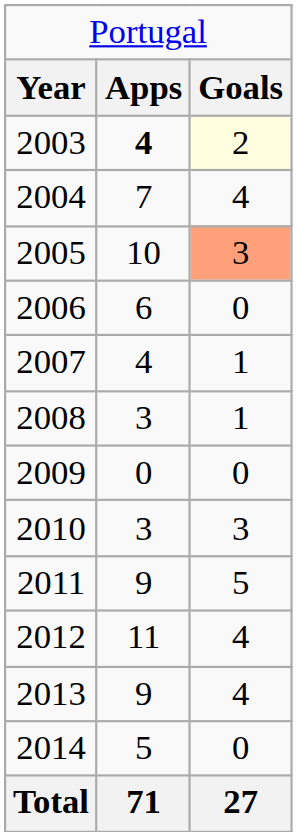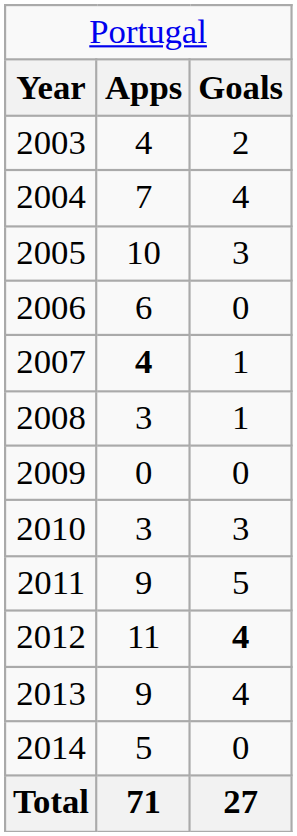 <table class="wikitable" style="text-align:center">
 <tr>
 <td colspan="3"><a href='#'>Portugal</a></td>
 </tr>
 <tr>
 <th>Year</th>
 <th>Apps</th>
 <th>Goals</th>
 </tr>
 <tr>
 <td>2003</td>
-<td><strong>4</strong></td>
-<td style="background: lightyellow;">2</td>
+<td>4</td>
+<td>2</td>
 </tr>
 <tr>
 <td>2004</td>
 <td>7</td>
 <td>4</td>
 </tr>
 <tr>
 <td>2005</td>
 <td>10</td>
-<td style="background: lightsalmon;">3</td>
+<td>3</td>
 </tr>
 <tr>
 <td>2006</td>
 <td>6</td>
 <td>0</td>
 </tr>
 <tr>
 <td>2007</td>
-<td>4</td>
+<td><strong>4</strong></td>
 <td>1</td>
 </tr>
 <tr>
 <td>2008</td>
 <td>3</td>
 <td>1</td>
 </tr>
 <tr>
 <td>2009</td>
 <td>0</td>
 <td>0</td>
 </tr>
 <tr>
 <td>2010</td>
 <td>3</td>
 <td>3</td>
 </tr>
 <tr>
 <td>2011</td>
 <td>9</td>
 <td>5</td>
 </tr>
 <tr>
 <td>2012</td>
 <td>11</td>
-<td>4</td>
+<td><strong>4</strong></td>
 </tr>
 <tr>
 <td>2013</td>
 <td>9</td>
 <td>4</td>
 </tr>
 <tr>
 <td>2014</td>
 <td>5</td>
 <td>0</td>
 </tr>
 <tr>
 <th>Total</th>
 <th>71</th>
 <th>27</th>
 </tr>
 </table>
